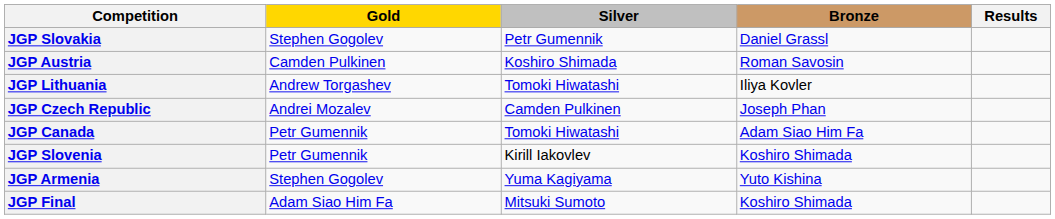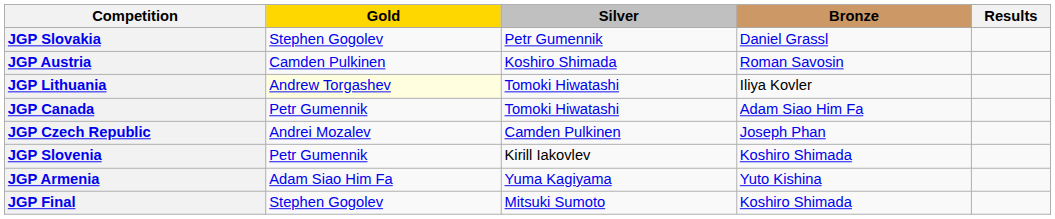 <table class="wikitable unsortable" style="text-align:left; width:90%">
 <tr>
 <th scope="col" style="text-align:center; width:25%;">Competition</th>
 <td scope="col" style="text-align:center; width:22.5%; background:gold"><strong>Gold</strong></td>
 <td scope="col" style="text-align:center; width:22.5%; background:silver"><strong>Silver</strong></td>
 <td scope="col" style="text-align:center; width:22.5%; background:#c96"><strong>Bronze</strong></td>
 <th scope="col" style="text-align:center; width:7.5%;">Results</th>
 </tr>
 <tr>
 <th scope="row" style="text-align:left"> <a href='#'>JGP Slovakia</a></th>
 <td> <a href='#'>Stephen Gogolev</a></td>
 <td> <a href='#'>Petr Gumennik</a></td>
 <td> <a href='#'>Daniel Grassl</a></td>
 <td></td>
 </tr>
 <tr>
 <th scope="row" style="text-align:left"> <a href='#'>JGP Austria</a></th>
 <td> <a href='#'>Camden Pulkinen</a></td>
 <td> <a href='#'>Koshiro Shimada</a></td>
 <td> <a href='#'>Roman Savosin</a></td>
 <td></td>
 </tr>
 <tr>
 <th scope="row" style="text-align:left"> <a href='#'>JGP Lithuania</a></th>
-<td> <a href='#'>Andrew Torgashev</a></td>
+<td style="background: lightyellow;"> <a href='#'>Andrew Torgashev</a></td>
 <td> <a href='#'>Tomoki Hiwatashi</a></td>
 <td> Iliya Kovler</td>
+<td></td>
+</tr>
+<tr>
+<th scope="row" style="text-align:left"> <a href='#'>JGP Canada</a></th>
+<td> <a href='#'>Petr Gumennik</a></td>
+<td> <a href='#'>Tomoki Hiwatashi</a></td>
+<td> <a href='#'>Adam Siao Him Fa</a></td>
 <td></td>
 </tr>
 <tr>
 <th scope="row" style="text-align:left"> <a href='#'>JGP Czech Republic</a></th>
 <td> <a href='#'>Andrei Mozalev</a></td>
 <td> <a href='#'>Camden Pulkinen</a></td>
 <td> <a href='#'>Joseph Phan</a></td>
-<td></td>
-</tr>
-<tr>
-<th scope="row" style="text-align:left"> <a href='#'>JGP Canada</a></th>
-<td> <a href='#'>Petr Gumennik</a></td>
-<td> <a href='#'>Tomoki Hiwatashi</a></td>
-<td> <a href='#'>Adam Siao Him Fa</a></td>
 <td></td>
 </tr>
 <tr>
 <th scope="row" style="text-align:left"> <a href='#'>JGP Slovenia</a></th>
 <td> <a href='#'>Petr Gumennik</a></td>
 <td> Kirill Iakovlev</td>
 <td> <a href='#'>Koshiro Shimada</a></td>
 <td></td>
 </tr>
 <tr>
 <th scope="row" style="text-align:left"> <a href='#'>JGP Armenia</a></th>
-<td> <a href='#'>Stephen Gogolev</a></td>
+<td> <a href='#'>Adam Siao Him Fa</a></td>
 <td> <a href='#'>Yuma Kagiyama</a></td>
 <td> <a href='#'>Yuto Kishina</a></td>
 <td></td>
 </tr>
 <tr>
 <th scope="row" style="text-align:left"> <a href='#'>JGP Final</a></th>
-<td> <a href='#'>Adam Siao Him Fa</a></td>
+<td> <a href='#'>Stephen Gogolev</a></td>
 <td> <a href='#'>Mitsuki Sumoto</a></td>
 <td> <a href='#'>Koshiro Shimada</a></td>
 <td></td>
 </tr>
 </table>
